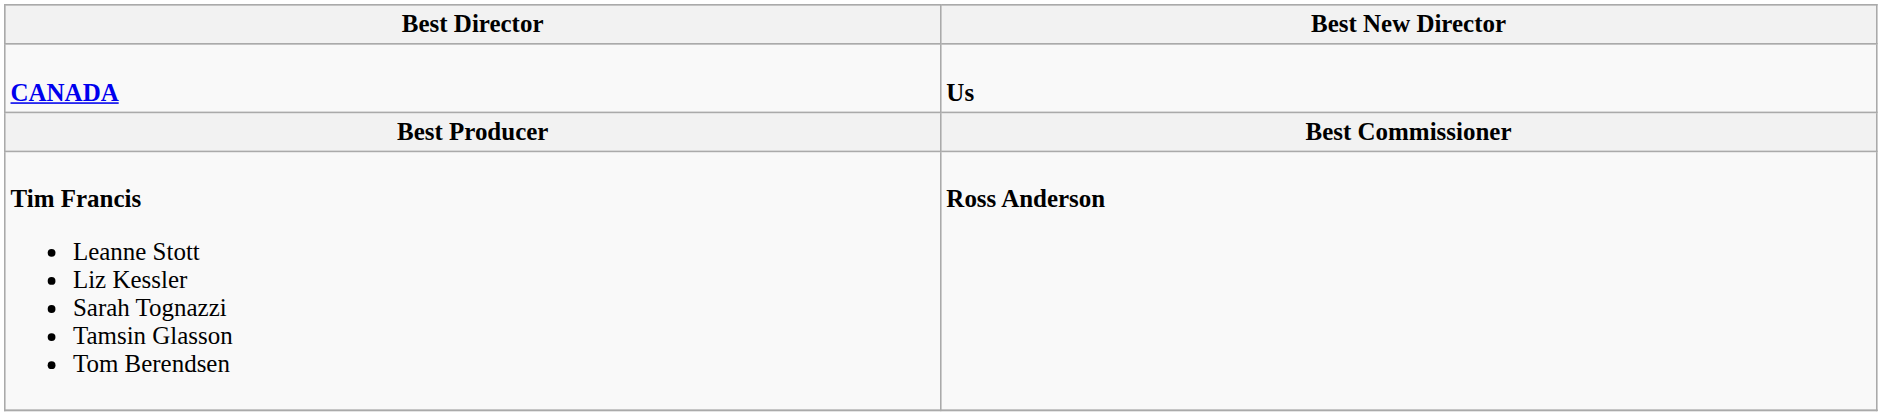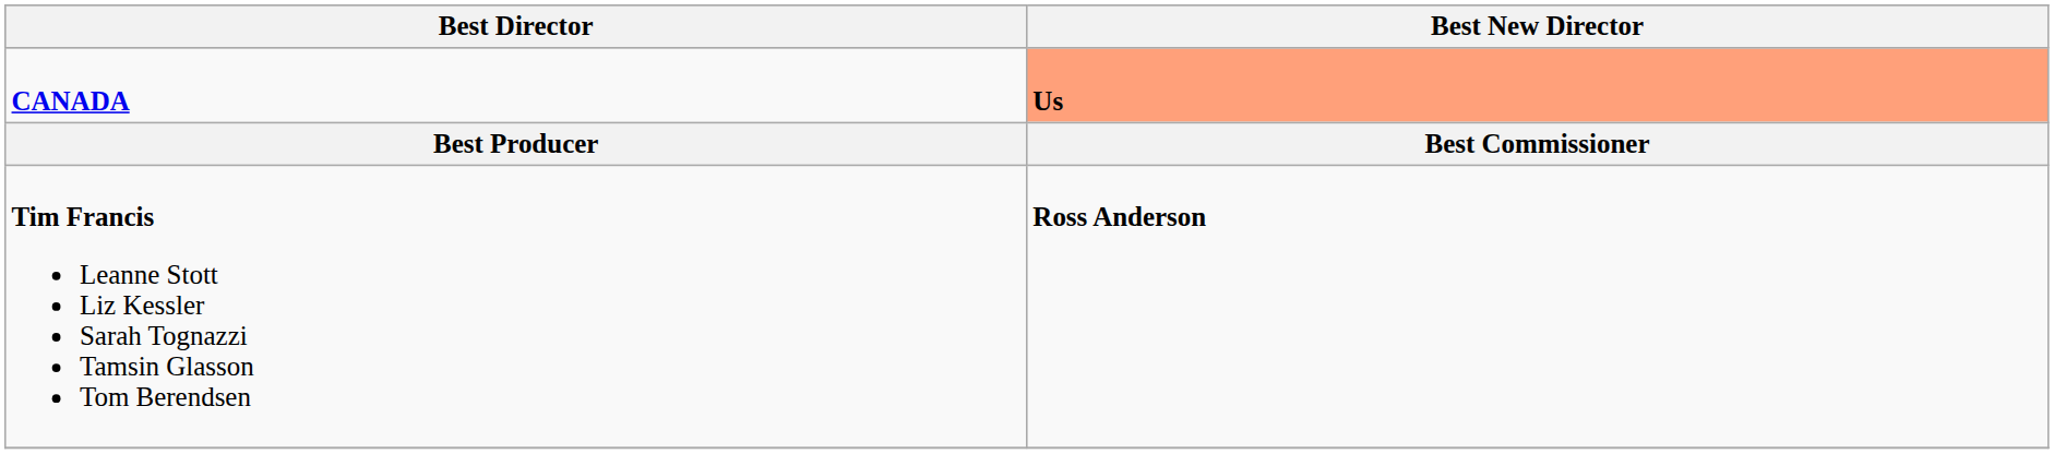 <table class="wikitable" style="width:95%">
 <tr bgcolor="#bebebe">
 <th width="50%">Best Director</th>
 <th width="50%">Best New Director</th>
 </tr>
 <tr>
 <td valign="top"><br><strong><a href='#'>CANADA</a></strong></td>
-<td valign="top"><br><strong>Us</strong></td>
+<td valign="top" style="background: lightsalmon;"><br><strong>Us</strong></td>
 </tr>
 <tr>
 <th width="50%">Best Producer</th>
 <th width="50%">Best Commissioner</th>
 </tr>
 <tr>
 <td valign="top"><br><strong>Tim Francis</strong><ul><li>Leanne Stott</li><li>Liz Kessler</li><li>Sarah Tognazzi</li><li>Tamsin Glasson</li><li>Tom Berendsen</li></ul></td>
 <td valign="top"><br><strong>Ross Anderson</strong></td>
 </tr>
 <tr>
 </tr>
 </table>
